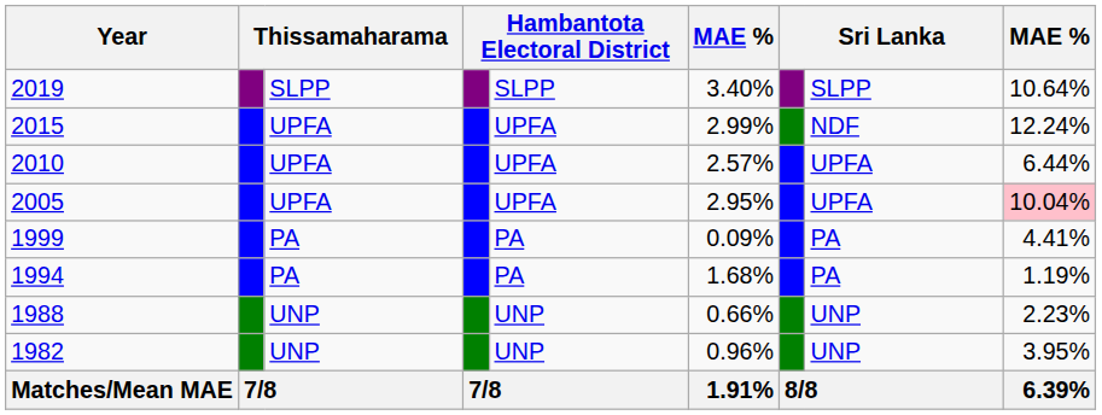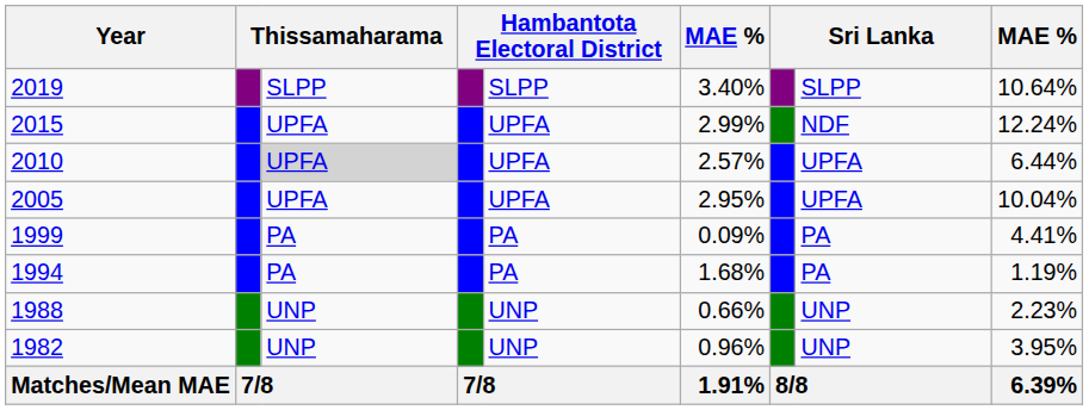 <table class="wikitable">
 <tr>
 <th>Year</th>
 <th colspan="2" width="144px">Thissamaharama</th>
 <th colspan="2" width="144px"><a href='#'>Hambantota Electoral District</a></th>
 <th><a href='#'>MAE</a> %</th>
 <th colspan="2" width="144px">Sri Lanka</th>
 <th>MAE %</th>
 </tr>
 <tr>
 <td><a href='#'>2019</a></td>
 <td style="background-color:purple;" width="10px"></td>
 <td style="text-align:left;"><a href='#'>SLPP</a></td>
 <td style="background-color:purple;" width="10px"></td>
 <td style="text-align:left;"><a href='#'>SLPP</a></td>
 <td style="text-align:right;">3.40%</td>
 <td style="background-color:purple;" width="10px"></td>
 <td style="text-align:left;"><a href='#'>SLPP</a></td>
 <td style="text-align:right;">10.64%</td>
 </tr>
 <tr>
 <td><a href='#'>2015</a></td>
 <td style="background-color:blue;" width="10px"></td>
 <td style="text-align:left;"><a href='#'>UPFA</a></td>
 <td style="background-color:blue;" width="10px"></td>
 <td style="text-align:left;"><a href='#'>UPFA</a></td>
 <td style="text-align:right;">2.99%</td>
 <td style="background-color:green;" width="10px"></td>
 <td style="text-align:left;"><a href='#'>NDF</a></td>
 <td style="text-align:right;">12.24%</td>
 </tr>
 <tr>
 <td><a href='#'>2010</a></td>
 <td style="background-color:blue;" width="10px"></td>
-<td style="text-align:left;"><a href='#'>UPFA</a></td>
+<td style="background: lightgrey; text-align:left;"><a href='#'>UPFA</a></td>
 <td style="background-color:blue;" width="10px"></td>
 <td style="text-align:left;"><a href='#'>UPFA</a></td>
 <td style="text-align:right;">2.57%</td>
 <td style="background-color:blue;" width="10px"></td>
 <td style="text-align:left;"><a href='#'>UPFA</a></td>
 <td style="text-align:right;">6.44%</td>
 </tr>
 <tr>
 <td><a href='#'>2005</a></td>
 <td style="background-color:blue;" width="10px"></td>
 <td style="text-align:left;"><a href='#'>UPFA</a></td>
 <td style="background-color:blue;" width="10px"></td>
 <td style="text-align:left;"><a href='#'>UPFA</a></td>
 <td style="text-align:right;">2.95%</td>
 <td style="background-color:blue;" width="10px"></td>
 <td style="text-align:left;"><a href='#'>UPFA</a></td>
-<td style="background: pink; text-align:right;">10.04%</td>
+<td style="text-align:right;">10.04%</td>
 </tr>
 <tr>
 <td><a href='#'>1999</a></td>
 <td style="background-color:blue;" width="10px"></td>
 <td style="text-align:left;"><a href='#'>PA</a></td>
 <td style="background-color:blue;" width="10px"></td>
 <td style="text-align:left;"><a href='#'>PA</a></td>
 <td style="text-align:right;">0.09%</td>
 <td style="background-color:blue;" width="10px"></td>
 <td style="text-align:left;"><a href='#'>PA</a></td>
 <td style="text-align:right;">4.41%</td>
 </tr>
 <tr>
 <td><a href='#'>1994</a></td>
 <td style="background-color:blue;" width="10px"></td>
 <td style="text-align:left;"><a href='#'>PA</a></td>
 <td style="background-color:blue;" width="10px"></td>
 <td style="text-align:left;"><a href='#'>PA</a></td>
 <td style="text-align:right;">1.68%</td>
 <td style="background-color:blue;" width="10px"></td>
 <td style="text-align:left;"><a href='#'>PA</a></td>
 <td style="text-align:right;">1.19%</td>
 </tr>
 <tr>
 <td><a href='#'>1988</a></td>
 <td style="background-color:green;" width="10px"></td>
 <td style="text-align:left;"><a href='#'>UNP</a></td>
 <td style="background-color:green;" width="10px"></td>
 <td style="text-align:left;"><a href='#'>UNP</a></td>
 <td style="text-align:right;">0.66%</td>
 <td style="background-color:green;" width="10px"></td>
 <td style="text-align:left;"><a href='#'>UNP</a></td>
 <td style="text-align:right;">2.23%</td>
 </tr>
 <tr>
 <td><a href='#'>1982</a></td>
 <td style="background-color:green;" width="10px"></td>
 <td style="text-align:left;"><a href='#'>UNP</a></td>
 <td style="background-color:green;" width="10px"></td>
 <td style="text-align:left;"><a href='#'>UNP</a></td>
 <td style="text-align:right;">0.96%</td>
 <td style="background-color:green;" width="10px"></td>
 <td style="text-align:left;"><a href='#'>UNP</a></td>
 <td style="text-align:right;">3.95%</td>
 </tr>
 <tr>
 <th>Matches/Mean MAE</th>
 <th style="text-align:left;"colspan="2" width="144px">7/8</th>
 <th style="text-align:left;"colspan="2" width="144px">7/8</th>
 <th style="text-align:right;">1.91%</th>
 <th style="text-align:left;"colspan="2" width="144px">8/8</th>
 <th style="text-align:right;">6.39%</th>
 </tr>
 </table>
